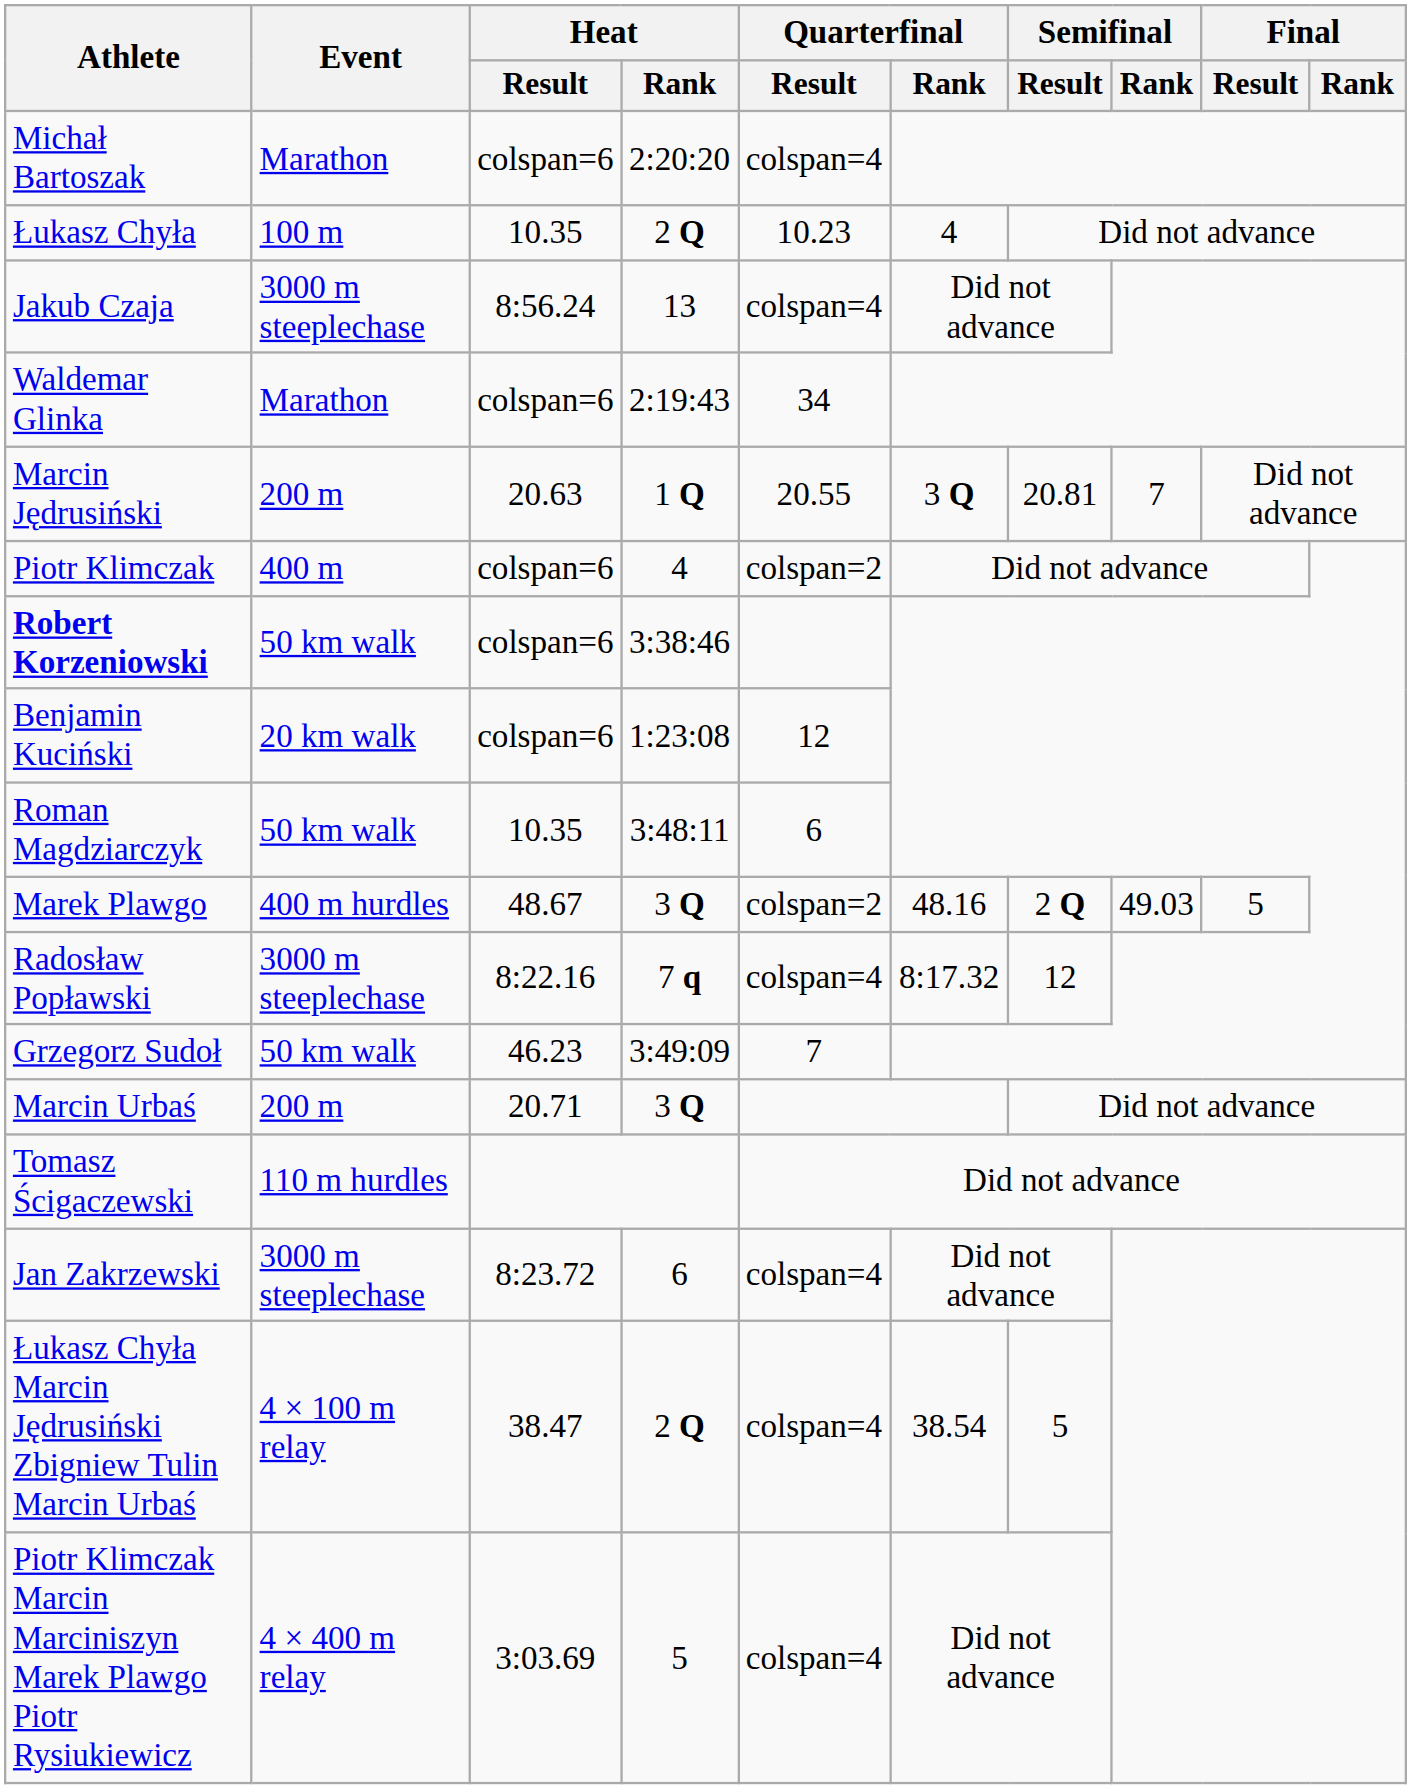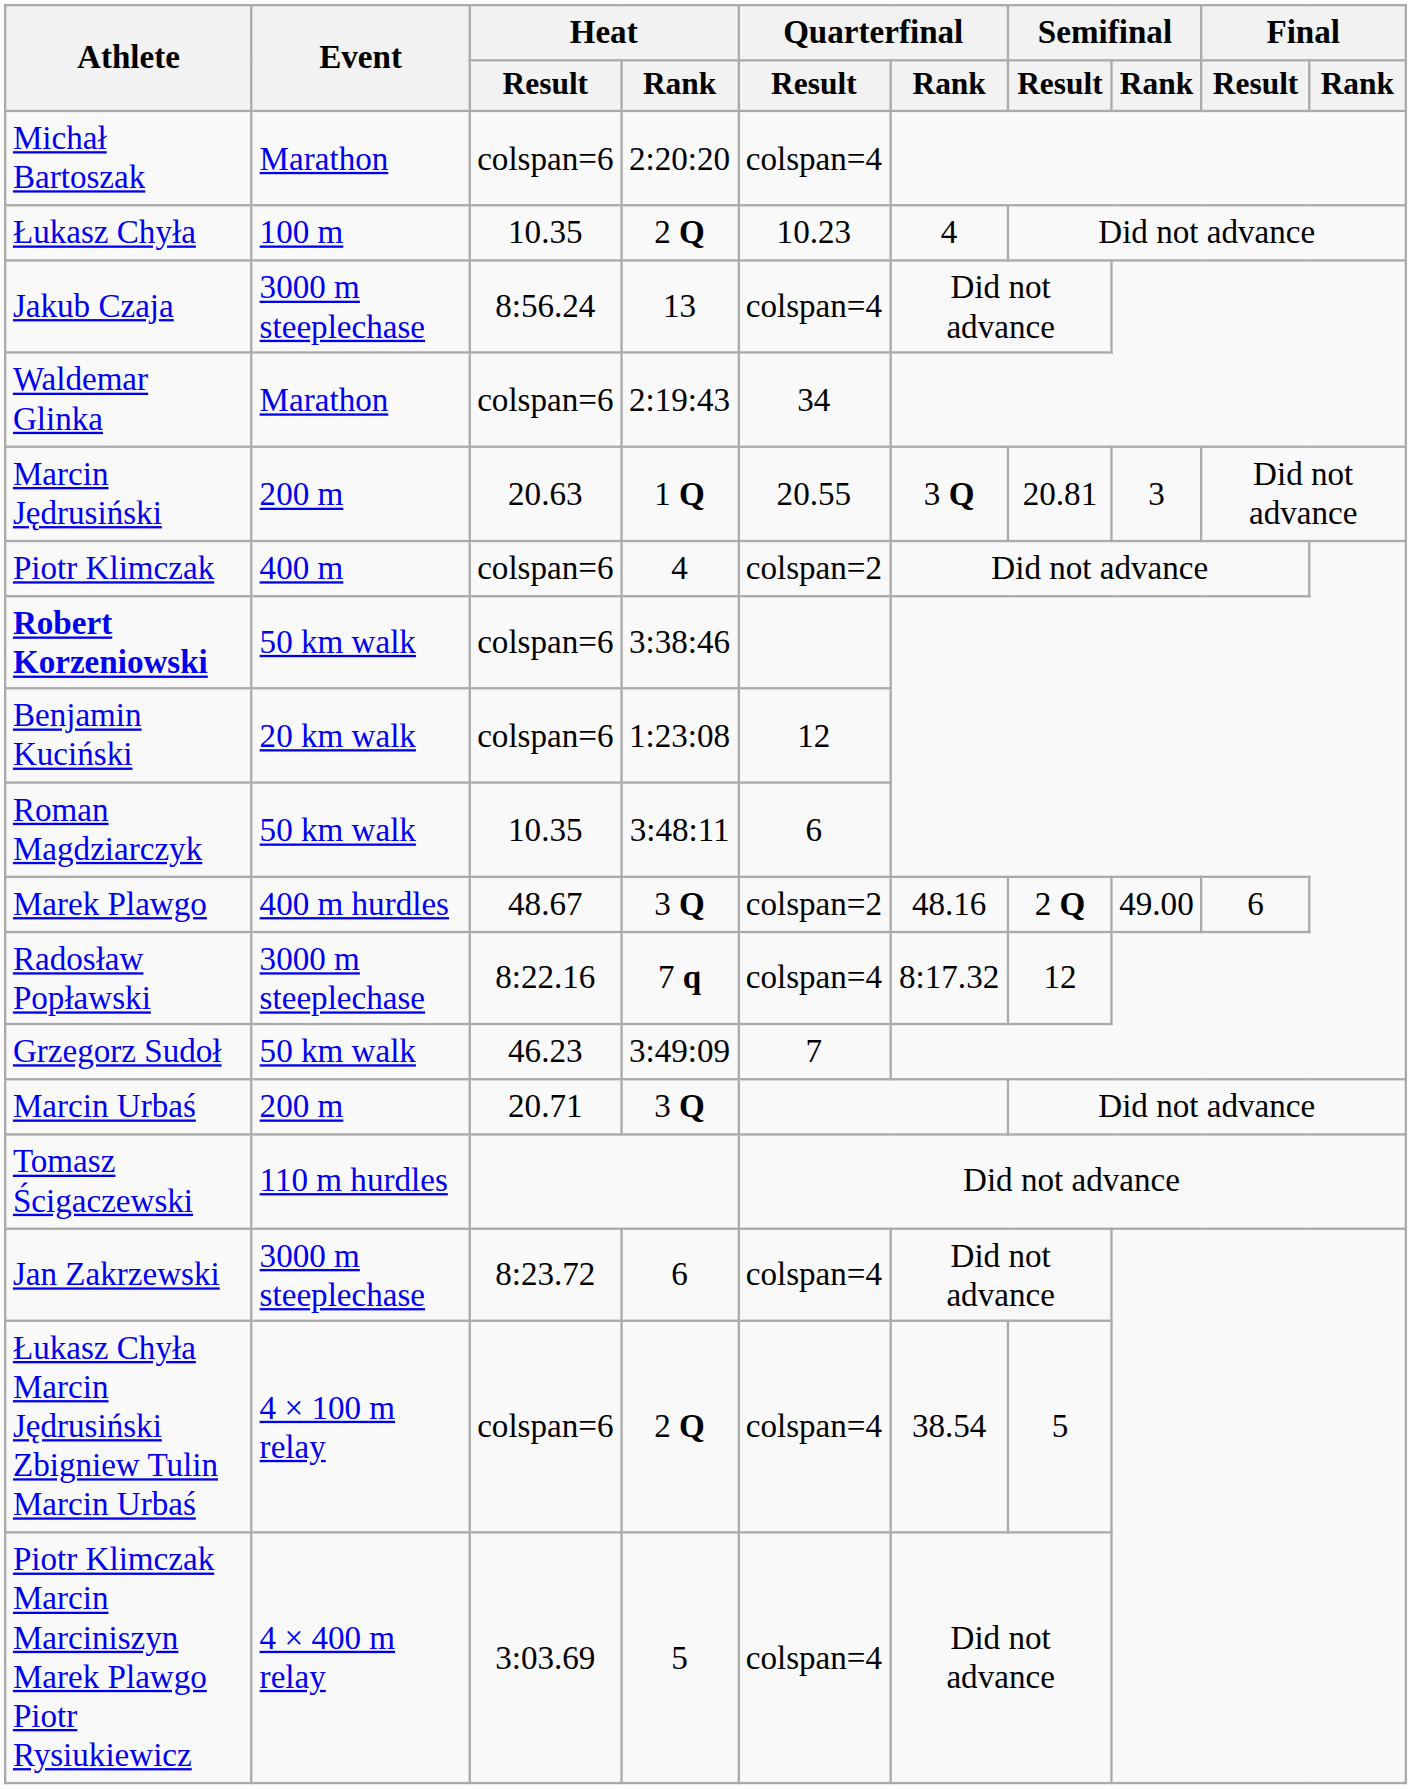 <table class=wikitable style="font-size:90%">
 <tr>
 <th rowspan="2">Athlete</th>
 <th rowspan="2">Event</th>
 <th colspan="2">Heat</th>
 <th colspan="2">Quarterfinal</th>
 <th colspan="2">Semifinal</th>
 <th colspan="2">Final</th>
 </tr>
 <tr style="font-size:95%">
 <th>Result</th>
 <th>Rank</th>
 <th>Result</th>
 <th>Rank</th>
 <th>Result</th>
 <th>Rank</th>
 <th>Result</th>
 <th>Rank</th>
 </tr>
 <tr align=center>
 <td align=left><a href='#'>Michał Bartoszak</a></td>
 <td align=left><a href='#'>Marathon</a></td>
 <td>colspan=6 </td>
 <td>2:20:20</td>
 <td>colspan=4 </td>
 </tr>
 <tr align=center>
 <td align=left><a href='#'>Łukasz Chyła</a></td>
 <td align=left><a href='#'>100 m</a></td>
 <td>10.35</td>
 <td>2 <strong>Q</strong></td>
 <td>10.23</td>
 <td>4</td>
 <td colspan=4>Did not advance</td>
 </tr>
 <tr align=center>
 <td align=left><a href='#'>Jakub Czaja</a></td>
 <td align=left><a href='#'>3000 m steeplechase</a></td>
 <td>8:56.24</td>
 <td>13</td>
 <td>colspan=4 </td>
 <td colspan=2>Did not advance</td>
 </tr>
 <tr align=center>
 <td align=left><a href='#'>Waldemar Glinka</a></td>
 <td align=left><a href='#'>Marathon</a></td>
 <td>colspan=6 </td>
 <td>2:19:43</td>
 <td>34</td>
 </tr>
 <tr align=center>
 <td align=left><a href='#'>Marcin Jędrusiński</a></td>
 <td align=left><a href='#'>200 m</a></td>
 <td>20.63</td>
 <td>1 <strong>Q</strong></td>
 <td>20.55</td>
 <td>3 <strong>Q</strong></td>
 <td>20.81</td>
-<td>7</td>
+<td>3</td>
 <td colspan=2>Did not advance</td>
 </tr>
 <tr align=center>
 <td align=left><a href='#'>Piotr Klimczak</a></td>
 <td align=left><a href='#'>400 m</a></td>
 <td>colspan=6 </td>
 <td>4</td>
 <td>colspan=2 </td>
 <td colspan=4>Did not advance</td>
 </tr>
 <tr align=center>
 <td align=left><strong><a href='#'>Robert Korzeniowski</a></strong></td>
 <td align=left><a href='#'>50 km walk</a></td>
 <td>colspan=6 </td>
 <td>3:38:46</td>
 <td></td>
 </tr>
 <tr align=center>
 <td align=left><a href='#'>Benjamin Kuciński</a></td>
 <td align=left><a href='#'>20 km walk</a></td>
 <td>colspan=6 </td>
 <td>1:23:08</td>
 <td>12</td>
 </tr>
 <tr align=center>
 <td align=left><a href='#'>Roman Magdziarczyk</a></td>
 <td align=left><a href='#'>50 km walk</a></td>
 <td>10.35</td>
 <td>3:48:11</td>
 <td>6</td>
 </tr>
 <tr align=center>
 <td align=left><a href='#'>Marek Plawgo</a></td>
 <td align=left><a href='#'>400 m hurdles</a></td>
 <td>48.67</td>
 <td>3 <strong>Q</strong></td>
 <td>colspan=2 </td>
 <td>48.16</td>
 <td>2 <strong>Q</strong></td>
-<td>49.03</td>
-<td>5</td>
+<td>49.00</td>
+<td>6</td>
 </tr>
 <tr align=center>
 <td align=left><a href='#'>Radosław Popławski</a></td>
 <td align=left><a href='#'>3000 m steeplechase</a></td>
 <td>8:22.16</td>
 <td>7 <strong>q</strong></td>
 <td>colspan=4 </td>
 <td>8:17.32</td>
 <td>12</td>
 </tr>
 <tr align=center>
 <td align=left><a href='#'>Grzegorz Sudoł</a></td>
 <td align=left><a href='#'>50 km walk</a></td>
 <td>46.23</td>
 <td>3:49:09</td>
 <td>7</td>
 </tr>
 <tr align=center>
 <td align=left><a href='#'>Marcin Urbaś</a></td>
 <td align=left><a href='#'>200 m</a></td>
 <td>20.71</td>
 <td>3 <strong>Q</strong></td>
 <td colspan=2></td>
 <td colspan=4>Did not advance</td>
 </tr>
 <tr align=center>
 <td align=left><a href='#'>Tomasz Ścigaczewski</a></td>
 <td align=left><a href='#'>110 m hurdles</a></td>
 <td colspan=2></td>
 <td colspan=6>Did not advance</td>
 </tr>
 <tr align=center>
 <td align=left><a href='#'>Jan Zakrzewski</a></td>
 <td align=left><a href='#'>3000 m steeplechase</a></td>
 <td>8:23.72</td>
 <td>6</td>
 <td>colspan=4 </td>
 <td colspan=2>Did not advance</td>
 </tr>
 <tr align=center>
 <td align=left><a href='#'>Łukasz Chyła</a><br><a href='#'>Marcin Jędrusiński</a><br><a href='#'>Zbigniew Tulin</a><br><a href='#'>Marcin Urbaś</a></td>
 <td align=left><a href='#'>4 × 100 m relay</a></td>
-<td>38.47</td>
+<td>colspan=6 </td>
 <td>2 <strong>Q</strong></td>
 <td>colspan=4 </td>
 <td>38.54</td>
 <td>5</td>
 </tr>
 <tr align=center>
 <td align=left><a href='#'>Piotr Klimczak</a><br><a href='#'>Marcin Marciniszyn</a><br><a href='#'>Marek Plawgo</a><br><a href='#'>Piotr Rysiukiewicz</a></td>
 <td align=left><a href='#'>4 × 400 m relay</a></td>
 <td>3:03.69</td>
 <td>5</td>
 <td>colspan=4 </td>
 <td colspan=2>Did not advance</td>
 </tr>
 </table>
